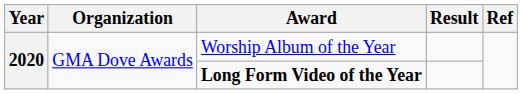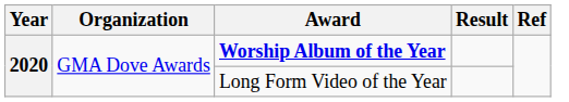 <table class="wikitable plainrowheaders">
 <tr>
 <th>Year</th>
 <th>Organization</th>
 <th>Award</th>
 <th>Result</th>
 <th>Ref</th>
 </tr>
 <tr>
 <th scope="row" rowspan="2">2020</th>
 <td rowspan="2"><a href='#'>GMA Dove Awards</a></td>
-<td><a href='#'>Worship Album of the Year</a></td>
+<td><strong><a href='#'>Worship Album of the Year</a></strong></td>
 <td></td>
 <td rowspan="2"></td>
 </tr>
 <tr>
-<td><strong>Long Form Video of the Year</strong></td>
+<td>Long Form Video of the Year</td>
 <td></td>
 </tr>
 </table>
